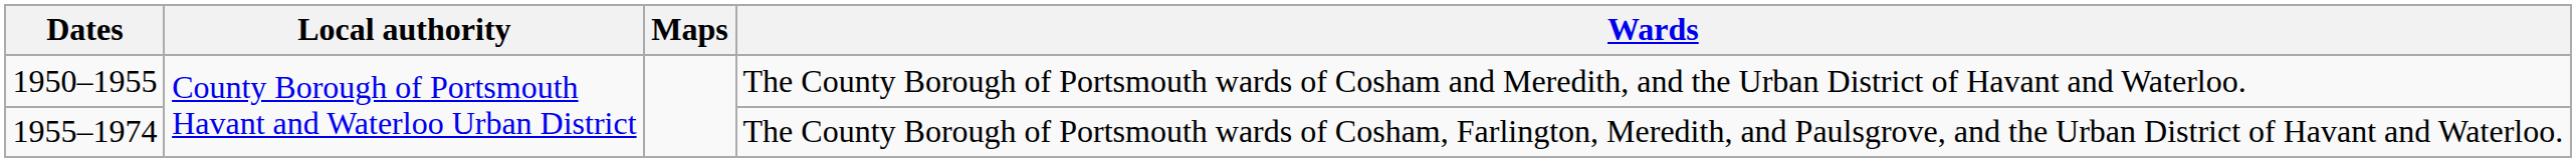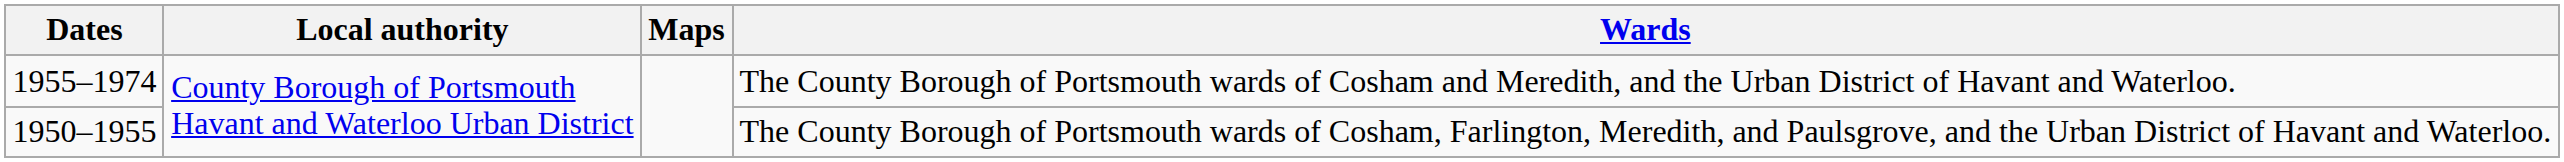 <table class=wikitable>
 <tr>
 <th>Dates</th>
 <th>Local authority</th>
 <th>Maps</th>
 <th><a href='#'>Wards</a></th>
 </tr>
 <tr>
-<td>1950–1955</td>
+<td>1955–1974</td>
 <td rowspan="2"><a href='#'>County Borough of Portsmouth</a><br><a href='#'>Havant and Waterloo Urban District</a></td>
 <td rowspan="2"></td>
 <td>The County Borough of Portsmouth wards of Cosham and Meredith, and the Urban District of Havant and Waterloo.</td>
 </tr>
 <tr>
-<td>1955–1974</td>
+<td>1950–1955</td>
 <td>The County Borough of Portsmouth wards of Cosham, Farlington, Meredith, and Paulsgrove, and the Urban District of Havant and Waterloo.</td>
 </tr>
 </table>
